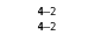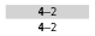 <table style="text-align:center">
 <tr>
 <th width=223></th>
 <th width=100></th>
 <th width=223></th>
 </tr>
 <tr>
 <td align=right><small><span></span></small> <strong></strong></td>
-<td><strong>4</strong>–2</td>
+<td style="background: lightgrey;"><strong>4</strong>–2</td>
 <td align=left> <small><span></span></small></td>
 </tr>
 <tr>
 <td align=right><small><span></span></small> <strong></strong></td>
 <td><strong>4</strong>–2</td>
 <td align=left> <small><span></span></small></td>
 </tr>
 </table>
